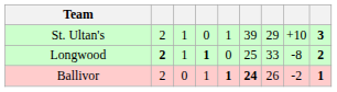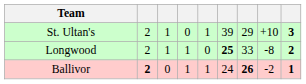 <table class="wikitable" style="text-align:center">
 <tr>
 <th style="width:175px;">Team</th>
 <th width="20"></th>
 <th width="20"></th>
 <th width="20"></th>
 <th width="20"></th>
 <th width="20"></th>
 <th width="20"></th>
 <th width="20"></th>
 <th width="20"></th>
 </tr>
 <tr style="background:#cfc;">
 <td>St. Ultan's</td>
 <td>2</td>
 <td>1</td>
 <td>0</td>
 <td>1</td>
 <td>39</td>
 <td>29</td>
 <td>+10</td>
 <td><strong>3</strong></td>
 </tr>
 <tr style="background:#cfc;">
 <td>Longwood</td>
-<td><strong>2</strong></td>
+<td>2</td>
 <td>1</td>
-<td><strong>1</strong></td>
+<td>1</td>
 <td>0</td>
-<td>25</td>
+<td><strong>25</strong></td>
 <td>33</td>
 <td>-8</td>
 <td><strong>2</strong></td>
 </tr>
 <tr style="background:#fcc;">
 <td>Ballivor</td>
-<td>2</td>
+<td><strong>2</strong></td>
 <td>0</td>
 <td>1</td>
-<td><strong>1</strong></td>
-<td><strong>24</strong></td>
-<td>26</td>
+<td>1</td>
+<td>24</td>
+<td><strong>26</strong></td>
 <td>-2</td>
 <td><strong>1</strong></td>
 </tr>
 </table>
